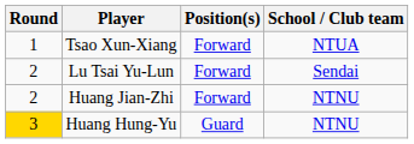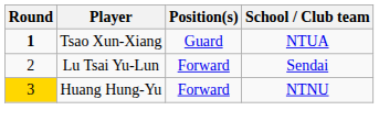 <table class="wikitable sortable sortable">
 <tr>
 <th>Round</th>
 <th>Player</th>
 <th>Position(s)</th>
 <th>School / Club team</th>
 </tr>
 <tr style="text-align: center">
-<td>1</td>
+<td><strong>1</strong></td>
 <td>Tsao Xun-Xiang</td>
-<td><a href='#'>Forward</a></td>
+<td><a href='#'>Guard</a></td>
 <td><a href='#'>NTUA</a></td>
 </tr>
 <tr style="text-align: center">
 <td>2</td>
 <td>Lu Tsai Yu-Lun</td>
 <td><a href='#'>Forward</a></td>
 <td><a href='#'>Sendai</a></td>
 </tr>
 <tr style="text-align: center">
-<td>2</td>
-<td>Huang Jian-Zhi</td>
+<td style="background: gold;">3</td>
+<td>Huang Hung-Yu</td>
 <td><a href='#'>Forward</a></td>
 <td><a href='#'>NTNU</a></td>
 </tr>
-<tr style="text-align: center">
-<td style="background: gold;">3</td>
-<td>Huang Hung-Yu</td>
-<td><a href='#'>Guard</a></td>
-<td><a href='#'>NTNU</a></td>
-</tr>
 </table>
